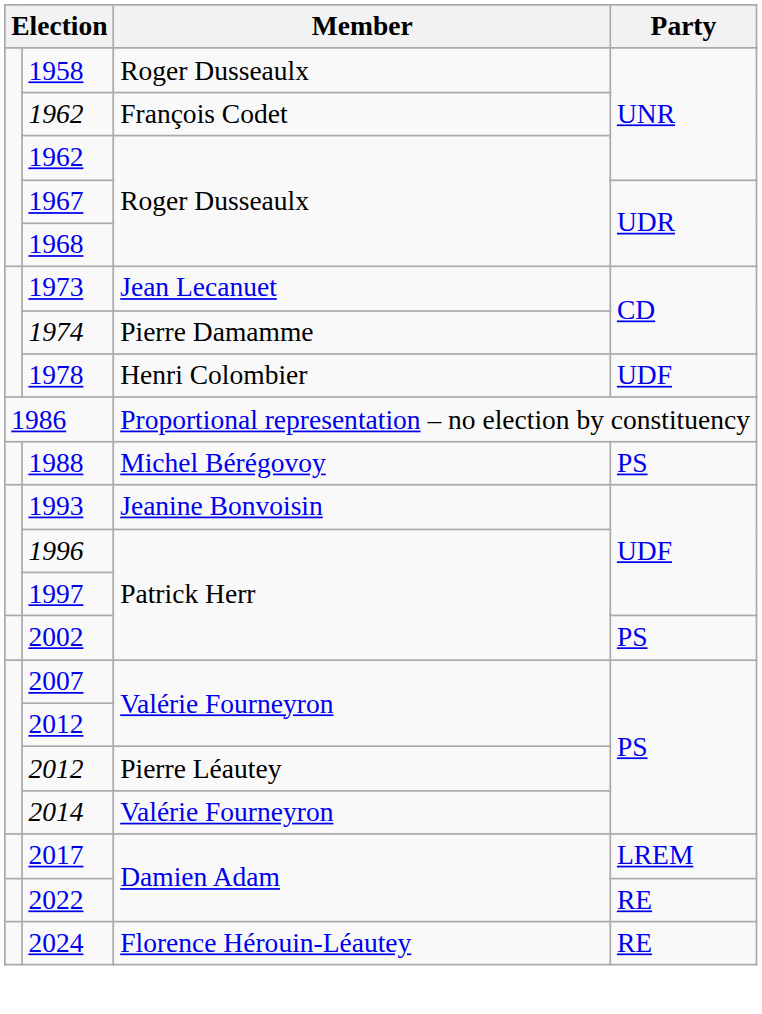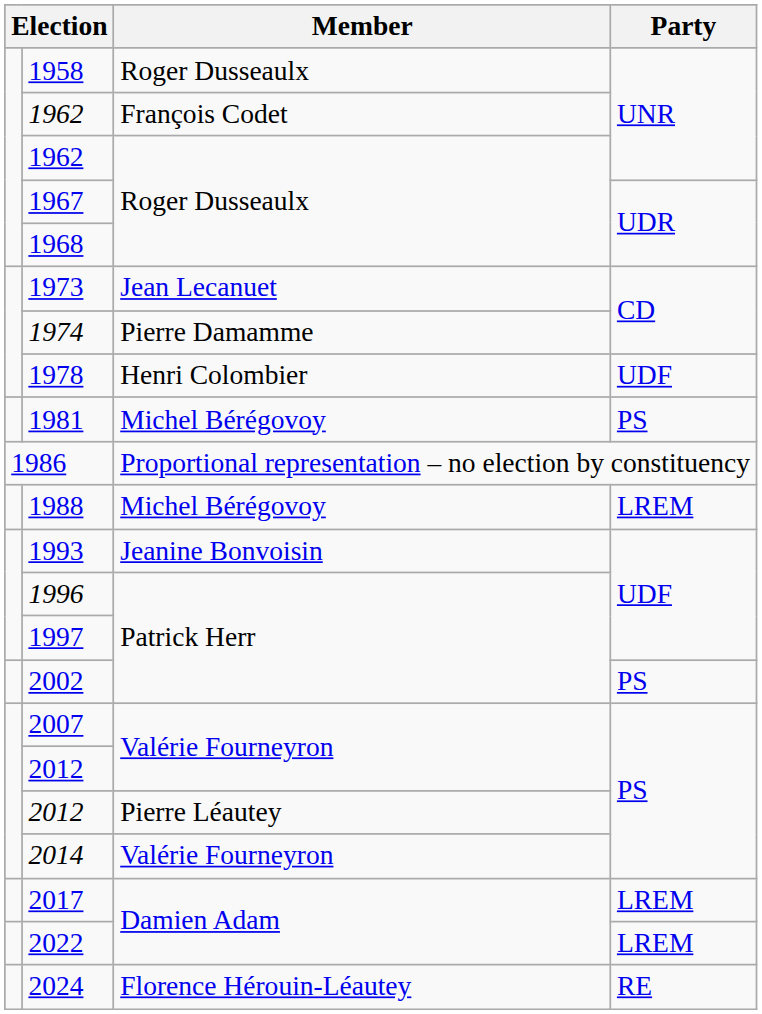 <table class="wikitable">
 <tr>
 <th colspan=2>Election</th>
 <th>Member</th>
 <th>Party</th>
 </tr>
 <tr>
 <td rowspan="5" style="background-color: "></td>
 <td><a href='#'>1958</a></td>
 <td>Roger Dusseaulx</td>
 <td rowspan="3"><a href='#'>UNR</a></td>
 </tr>
 <tr>
 <td><em>1962</em></td>
 <td>François Codet</td>
 </tr>
 <tr>
 <td><a href='#'>1962</a></td>
 <td rowspan="3">Roger Dusseaulx</td>
 </tr>
 <tr>
 <td><a href='#'>1967</a></td>
 <td rowspan="2"><a href='#'>UDR</a></td>
 </tr>
 <tr>
 <td><a href='#'>1968</a></td>
 </tr>
 <tr>
 <td rowspan="3" style="background-color: "></td>
 <td><a href='#'>1973</a></td>
 <td><a href='#'>Jean Lecanuet</a></td>
 <td rowspan="2"><a href='#'>CD</a></td>
 </tr>
 <tr>
 <td><em>1974</em></td>
 <td>Pierre Damamme</td>
 </tr>
 <tr>
 <td><a href='#'>1978</a></td>
 <td>Henri Colombier</td>
 <td><a href='#'>UDF</a></td>
 </tr>
 <tr>
+<td style="background-color: "></td>
+<td><a href='#'>1981</a></td>
+<td><a href='#'>Michel Bérégovoy</a></td>
+<td><a href='#'>PS</a></td>
+</tr>
+<tr>
 <td colspan="2"><a href='#'>1986</a></td>
 <td colspan="2"><a href='#'>Proportional representation</a> – no election by constituency</td>
 </tr>
 <tr>
 <td style="background-color: "></td>
 <td><a href='#'>1988</a></td>
 <td><a href='#'>Michel Bérégovoy</a></td>
-<td><a href='#'>PS</a></td>
+<td><a href='#'>LREM</a></td>
 </tr>
 <tr>
 <td rowspan="3" style="background-color: "></td>
 <td><a href='#'>1993</a></td>
 <td><a href='#'>Jeanine Bonvoisin</a></td>
 <td rowspan="3"><a href='#'>UDF</a></td>
 </tr>
 <tr>
 <td><em>1996</em></td>
 <td rowspan="3">Patrick Herr</td>
 </tr>
 <tr>
 <td><a href='#'>1997</a></td>
 </tr>
 <tr>
 <td style="background-color: "></td>
 <td><a href='#'>2002</a></td>
 <td><a href='#'>PS</a></td>
 </tr>
 <tr>
 <td rowspan="4" style="background-color: "></td>
 <td><a href='#'>2007</a></td>
 <td rowspan="2"><a href='#'>Valérie Fourneyron</a></td>
 <td rowspan="4"><a href='#'>PS</a></td>
 </tr>
 <tr>
 <td><a href='#'>2012</a></td>
 </tr>
 <tr>
 <td><em>2012</em></td>
 <td>Pierre Léautey</td>
 </tr>
 <tr>
 <td><em>2014</em></td>
 <td><a href='#'>Valérie Fourneyron</a></td>
 </tr>
 <tr>
 <td style="background-color: "></td>
 <td><a href='#'>2017</a></td>
 <td rowspan="2"><a href='#'>Damien Adam</a></td>
 <td><a href='#'>LREM</a></td>
 </tr>
 <tr>
 <td style="background-color: "></td>
 <td><a href='#'>2022</a></td>
-<td><a href='#'>RE</a></td>
+<td><a href='#'>LREM</a></td>
 </tr>
 <tr>
 <td style="background-color: "></td>
 <td><a href='#'>2024</a></td>
 <td><a href='#'>Florence Hérouin-Léautey</a></td>
 <td><a href='#'>RE</a></td>
 </tr>
 </table>
